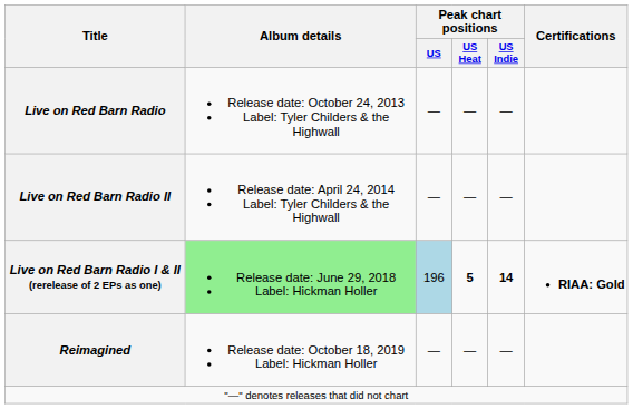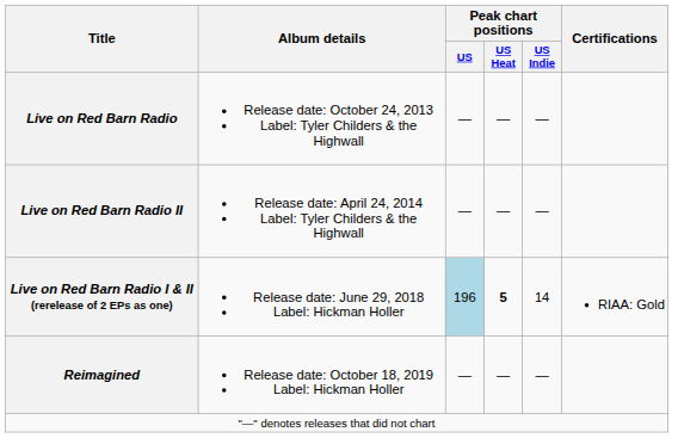 <table class="wikitable plainrowheaders" style="text-align:center;">
 <tr>
 <th rowspan="2" style="width:14em;">Title</th>
 <th rowspan="2" style="width:18em;">Album details</th>
 <th colspan="3">Peak chart positions</th>
 <th rowspan="2">Certifications</th>
 </tr>
 <tr style="font-size:smaller;">
 <th width="40"><a href='#'>US</a><br></th>
 <th width="40"><a href='#'>US<br> Heat</a><br></th>
 <th width="40"><a href='#'>US <br>Indie</a><br></th>
 </tr>
 <tr>
 <th scope="row"><em>Live on Red Barn Radio</em></th>
 <td><br><ul><li>Release date: October 24, 2013</li><li>Label: Tyler Childers & the Highwall</li></ul></td>
 <td>—</td>
 <td>—</td>
 <td>—</td>
 <td></td>
 </tr>
 <tr>
 <th scope="row"><em>Live on Red Barn Radio II</em></th>
 <td><br><ul><li>Release date: April 24, 2014</li><li>Label: Tyler Childers & the Highwall</li></ul></td>
 <td>—</td>
 <td>—</td>
 <td>—</td>
 <td></td>
 </tr>
 <tr>
 <th scope="row"><em>Live on Red Barn Radio I & II</em> <br><small>(rerelease of 2 EPs as one)</small></th>
-<td style="background: lightgreen;"><br><ul><li>Release date: June 29, 2018</li><li>Label: Hickman Holler</li></ul></td>
+<td><br><ul><li>Release date: June 29, 2018</li><li>Label: Hickman Holler</li></ul></td>
 <td style="background: lightblue;">196</td>
 <td><strong>5</strong></td>
-<td><strong>14</strong></td>
-<td><strong><br><ul><li>RIAA: Gold</li></ul></strong></td>
+<td>14</td>
+<td><br><ul><li>RIAA: Gold</li></ul></td>
 </tr>
 <tr>
 <th scope="row"><em>Reimagined</em></th>
 <td><br><ul><li>Release date: October 18, 2019</li><li>Label: Hickman Holler</li></ul></td>
 <td>—</td>
 <td>—</td>
 <td>—</td>
 <td></td>
 </tr>
 <tr>
 <td colspan="8" style="font-size:85%">"—" denotes releases that did not chart</td>
 </tr>
 </table>
